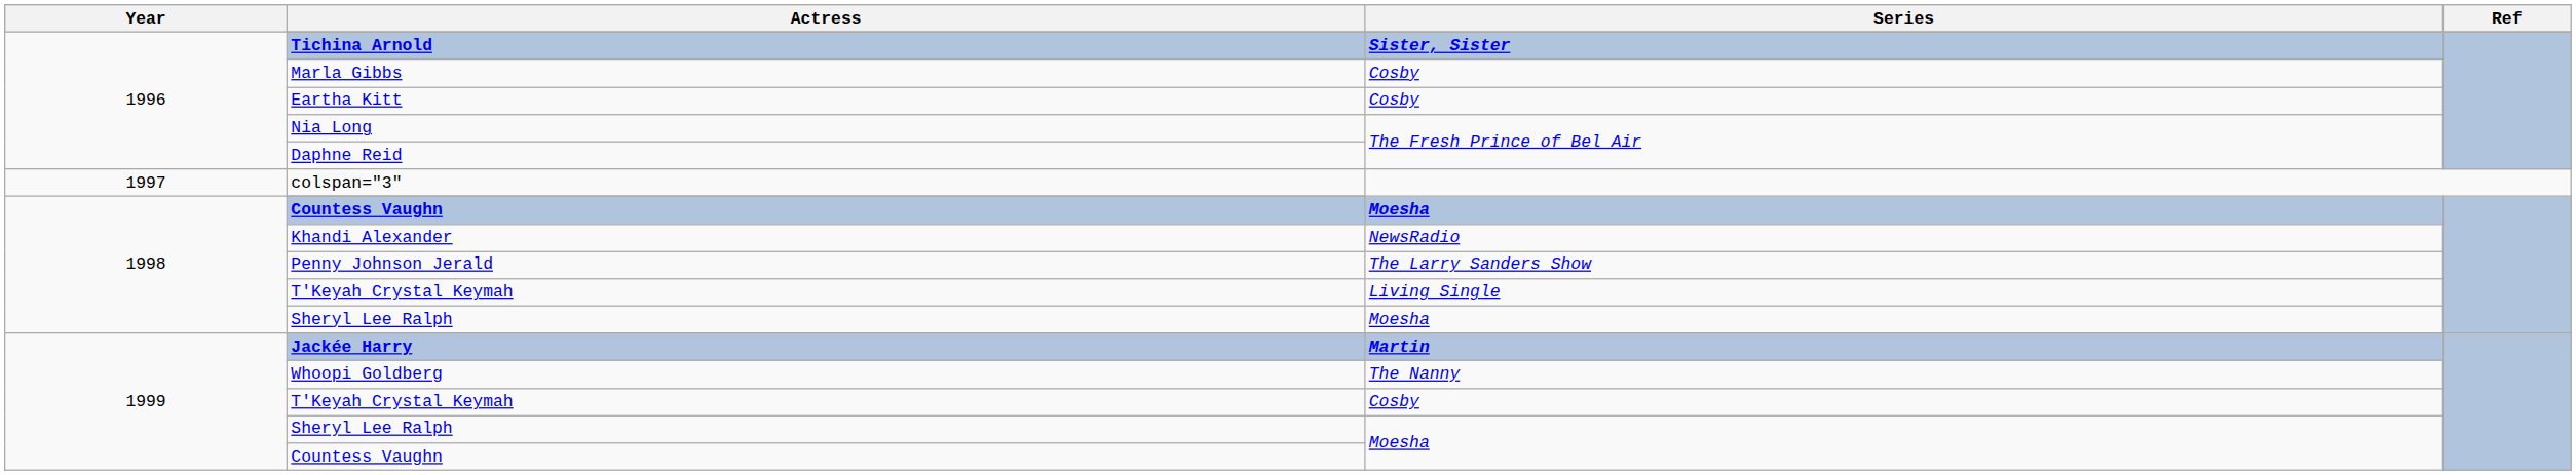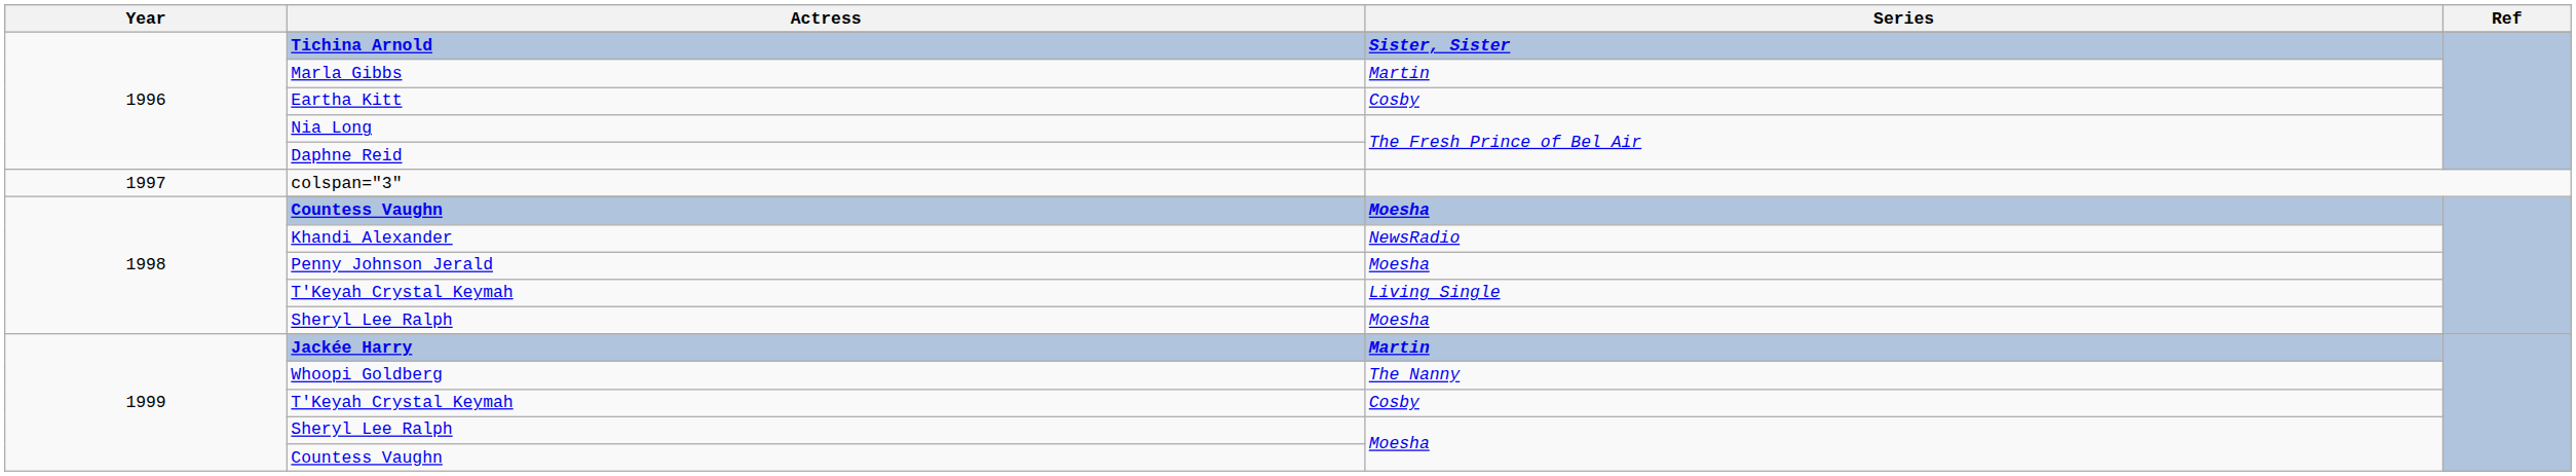 <table class="wikitable" style="width:100%;">
 <tr style="background:#bebebe;">
 <th style="width:11%;">Year</th>
 <th style="width:42%;">Actress</th>
 <th style="width:42%;">Series</th>
 <th style="width:5%;">Ref</th>
 </tr>
 <tr>
 <td rowspan="6" align="center">1996</td>
 </tr>
 <tr style="background:#B0C4DE">
 <td><strong><a href='#'>Tichina Arnold</a></strong></td>
 <td><strong><em><a href='#'>Sister, Sister</a></em></strong></td>
 <td rowspan="5" align="center"></td>
 </tr>
 <tr>
 <td><a href='#'>Marla Gibbs</a></td>
-<td><em><a href='#'>Cosby</a></em></td>
+<td><em><a href='#'>Martin</a></em></td>
 </tr>
 <tr>
 <td><a href='#'>Eartha Kitt</a></td>
 <td><em><a href='#'>Cosby</a></em></td>
 </tr>
 <tr>
 <td><a href='#'>Nia Long</a></td>
 <td rowspan="2"><em><a href='#'>The Fresh Prince of Bel Air</a></em></td>
 </tr>
 <tr>
 <td><a href='#'>Daphne Reid</a></td>
 </tr>
 <tr>
 <td align="center">1997</td>
 <td>colspan="3" </td>
 </tr>
 <tr>
 <td rowspan="6" align="center">1998</td>
 </tr>
 <tr style="background:#B0C4DE">
 <td><strong><a href='#'>Countess Vaughn</a></strong></td>
 <td><strong><em><a href='#'>Moesha</a></em></strong></td>
 <td rowspan="6" align="center"></td>
 </tr>
 <tr>
 <td><a href='#'>Khandi Alexander</a></td>
 <td><em><a href='#'>NewsRadio</a></em></td>
 </tr>
 <tr>
 <td><a href='#'>Penny Johnson Jerald</a></td>
-<td><em><a href='#'>The Larry Sanders Show</a></em></td>
+<td><em><a href='#'>Moesha</a></em></td>
 </tr>
 <tr>
 <td><a href='#'>T'Keyah Crystal Keymah</a></td>
 <td><em><a href='#'>Living Single</a></em></td>
 </tr>
 <tr>
 <td><a href='#'>Sheryl Lee Ralph</a></td>
 <td><em><a href='#'>Moesha</a></em></td>
 </tr>
 <tr>
 <td rowspan="6" align="center">1999</td>
 </tr>
 <tr style="background:#B0C4DE">
 <td><strong><a href='#'>Jackée Harry</a></strong></td>
 <td><strong><em><a href='#'>Martin</a></em></strong></td>
 <td rowspan="6" align="center"></td>
 </tr>
 <tr>
 <td><a href='#'>Whoopi Goldberg</a></td>
 <td><em><a href='#'>The Nanny</a></em></td>
 </tr>
 <tr>
 <td><a href='#'>T'Keyah Crystal Keymah</a></td>
 <td><em><a href='#'>Cosby</a></em></td>
 </tr>
 <tr>
 <td><a href='#'>Sheryl Lee Ralph</a></td>
 <td rowspan="2"><em><a href='#'>Moesha</a></em></td>
 </tr>
 <tr>
 <td><a href='#'>Countess Vaughn</a></td>
 </tr>
 </table>
